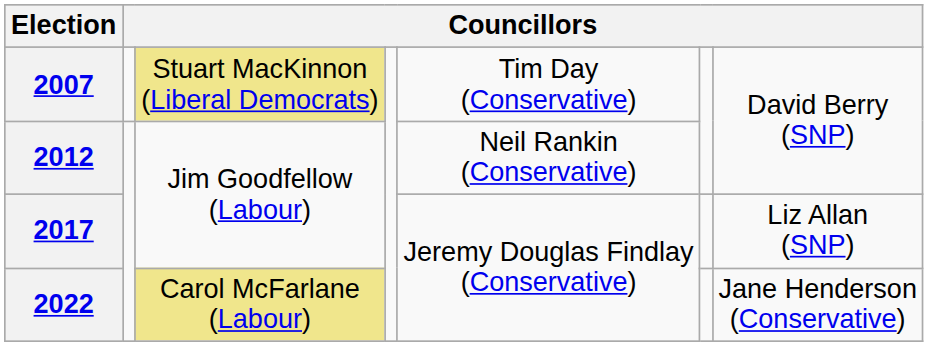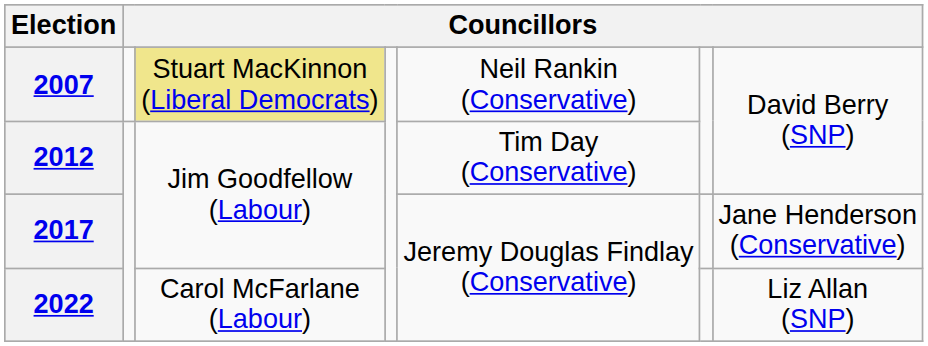 <table class="wikitable" style="text-align:center">
 <tr>
 <th>Election</th>
 <th colspan=8>Councillors</th>
 </tr>
 <tr>
 <th><a href='#'>2007</a></th>
 <td rowspan=1; style="background-color: "></td>
 <td rowspan=1 style="background: khaki;">Stuart MacKinnon<br>(<a href='#'>Liberal Democrats</a>)</td>
 <td rowspan=4; style="background-color: "></td>
-<td rowspan=1>Tim Day<br>(<a href='#'>Conservative</a>)</td>
+<td rowspan=1>Neil Rankin<br>(<a href='#'>Conservative</a>)</td>
 <td rowspan=2; style="background-color: "></td>
 <td rowspan=2>David Berry<br>(<a href='#'>SNP</a>)</td>
 </tr>
 <tr>
 <th><a href='#'>2012</a></th>
 <td rowspan=3; style="background-color: "></td>
 <td rowspan=2>Jim Goodfellow<br>(<a href='#'>Labour</a>)</td>
-<td rowspan=1>Neil Rankin<br>(<a href='#'>Conservative</a>)</td>
+<td rowspan=1>Tim Day<br>(<a href='#'>Conservative</a>)</td>
 </tr>
 <tr>
 <th><a href='#'>2017</a></th>
 <td rowspan=2>Jeremy Douglas Findlay<br>(<a href='#'>Conservative</a>)</td>
 <td rowspan=1; style="background-color: "></td>
-<td rowspan=1>Liz Allan<br>(<a href='#'>SNP</a>)</td>
+<td rowspan=1>Jane Henderson<br>(<a href='#'>Conservative</a>)</td>
 </tr>
 <tr>
 <th><a href='#'>2022</a></th>
-<td rowspan=1 style="background: khaki;">Carol McFarlane<br>(<a href='#'>Labour</a>)</td>
+<td rowspan=1>Carol McFarlane<br>(<a href='#'>Labour</a>)</td>
 <td rowspan=1; style="background-color: "></td>
-<td rowspan=1>Jane Henderson<br>(<a href='#'>Conservative</a>)</td>
+<td rowspan=1>Liz Allan<br>(<a href='#'>SNP</a>)</td>
 </tr>
 </table>
